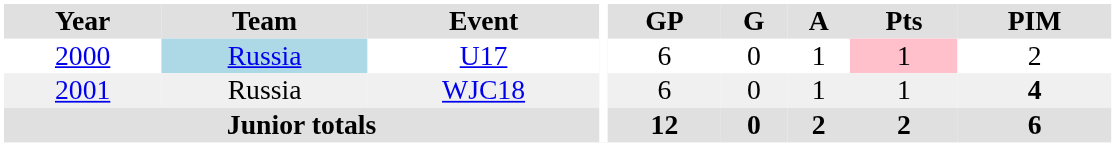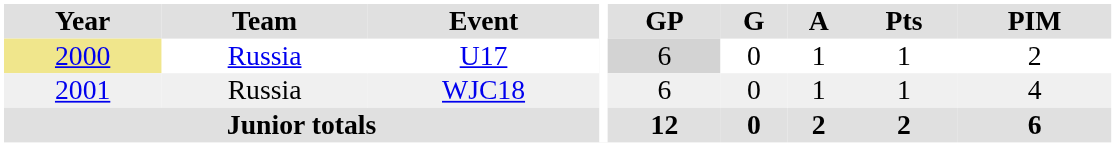 <table border="0" cellpadding="1" cellspacing="0" ID="Table3" style="text-align:center; width:40em">
 <tr ALIGN="center" bgcolor="#e0e0e0">
 <th>Year</th>
 <th>Team</th>
 <th>Event</th>
 <th rowspan="99" bgcolor="#ffffff"></th>
 <th>GP</th>
 <th>G</th>
 <th>A</th>
 <th>Pts</th>
 <th>PIM</th>
 </tr>
 <tr>
-<td><a href='#'>2000</a></td>
-<td style="background: lightblue;"><a href='#'>Russia</a></td>
+<td style="background: khaki;"><a href='#'>2000</a></td>
+<td><a href='#'>Russia</a></td>
 <td><a href='#'>U17</a></td>
-<td>6</td>
+<td style="background: lightgrey;">6</td>
 <td>0</td>
 <td>1</td>
-<td style="background: pink;">1</td>
+<td>1</td>
 <td>2</td>
 </tr>
 <tr bgcolor="#f0f0f0">
 <td><a href='#'>2001</a></td>
 <td>Russia</td>
 <td><a href='#'>WJC18</a></td>
 <td>6</td>
 <td>0</td>
 <td>1</td>
 <td>1</td>
-<td><strong>4</strong></td>
+<td>4</td>
 </tr>
 <tr bgcolor="#e0e0e0">
 <th colspan="3">Junior totals</th>
 <th>12</th>
 <th>0</th>
 <th>2</th>
 <th>2</th>
 <th>6</th>
 </tr>
 </table>
